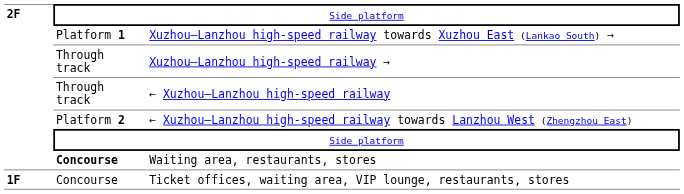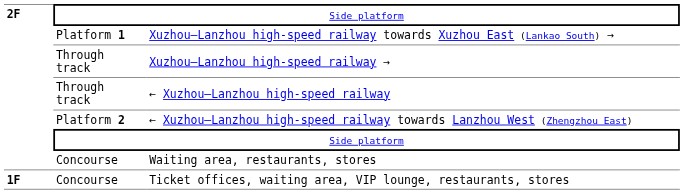 <table table border=0 cellspacing=0 cellpadding=3>
 <tr>
 <td style="border-top:solid 1px gray;border-bottom:solid 1px gray;" width=50 rowspan=7 valign=top><strong>2F</strong></td>
 <td style="border-top:solid 2px black;border-right:solid 2px black;border-left:solid 2px black;border-bottom:solid 2px black;text-align:center;" colspan=2><small><a href='#'>Side platform</a></small></td>
 </tr>
 <tr>
 <td style="border-bottom:solid 1px gray;" width=100>Platform <strong>1</strong></td>
 <td style="border-bottom:solid 1px gray;" width=600> <a href='#'>Xuzhou–Lanzhou high-speed railway</a> towards <a href='#'>Xuzhou East</a><small> (<a href='#'>Lankao South</a>)</small> →</td>
 </tr>
 <tr>
 <td style="border-bottom:solid 1px gray;">Through track</td>
 <td style="border-bottom:solid 1px gray;"> <a href='#'>Xuzhou–Lanzhou high-speed railway</a> →</td>
 </tr>
 <tr>
 <td style="border-bottom:solid 1px gray;">Through track</td>
 <td style="border-bottom:solid 1px gray;">← <a href='#'>Xuzhou–Lanzhou high-speed railway</a></td>
 </tr>
 <tr>
 <td>Platform <strong>2</strong></td>
 <td>← <a href='#'>Xuzhou–Lanzhou high-speed railway</a> towards <a href='#'>Lanzhou West</a><small> (<a href='#'>Zhengzhou East</a>)</small></td>
 </tr>
 <tr>
 <td style="border-top:solid 2px black;border-right:solid 2px black;border-left:solid 2px black;border-bottom:solid 2px black;text-align:center;" colspan=2><small><a href='#'>Side platform</a></small></td>
 </tr>
 <tr>
-<td style="border-bottom:solid 1px gray;" width=100><strong>Concourse</strong></td>
+<td style="border-bottom:solid 1px gray;" width=100>Concourse</td>
 <td style="border-bottom:solid 1px gray;" width=600>Waiting area, restaurants, stores</td>
 </tr>
 <tr>
 <td style="border-bottom:solid 1px gray;vertical-align:top;"><strong>1F</strong></td>
 <td style="border-bottom:solid 1px gray;vertical-align:top;">Concourse</td>
 <td style="border-bottom:solid 1px gray;vertical-align:top;">Ticket offices, waiting area, VIP lounge, restaurants, stores</td>
 </tr>
 </table>
